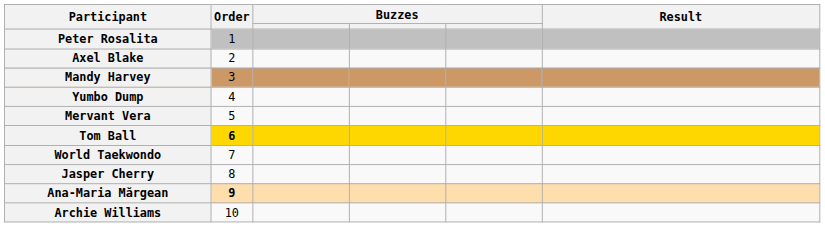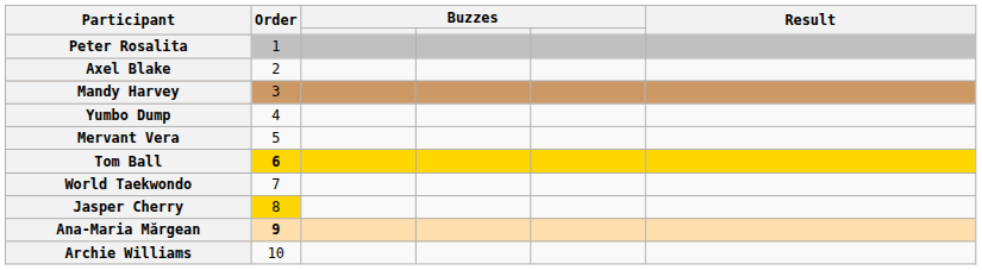 <table class="wikitable plainrowheaders sortable" style="text-align:center;">
 <tr>
 <th scope="col" rowspan="2" class="unsortable" style="width:17em;">Participant</th>
 <th scope="col" rowspan="2" style="width:1em;">Order</th>
 <th scope="col" colspan="3" class="unsortable" style="width:24em;">Buzzes</th>
 <th scope="col" rowspan="2" style="width:23em;">Result</th>
 </tr>
 <tr>
 <th scope="col" class="unsortable" style="width:6em;"></th>
 <th scope="col" class="unsortable" style="width:6em;"></th>
 <th scope="col" class="unsortable" style="width:6em;"></th>
 </tr>
 <tr bgcolor=silver>
 <th scope="row">Peter Rosalita</th>
 <td>1</td>
 <td style="text-align:center;"></td>
 <td style="text-align:center;"></td>
 <td style="text-align:center;"></td>
 <td></td>
 </tr>
 <tr>
 <th scope="row">Axel Blake</th>
 <td>2</td>
 <td style="text-align:center;"></td>
 <td style="text-align:center;"></td>
 <td style="text-align:center;"></td>
 <td></td>
 </tr>
 <tr bgcolor=#c96>
 <th scope="row">Mandy Harvey</th>
 <td>3</td>
 <td style="text-align:center;"></td>
 <td style="text-align:center;"></td>
 <td style="text-align:center;"></td>
 <td></td>
 </tr>
 <tr>
 <th scope="row">Yumbo Dump</th>
 <td>4</td>
 <td style="text-align:center;"></td>
 <td style="text-align:center;"></td>
 <td style="text-align:center;"></td>
 <td></td>
 </tr>
 <tr>
 <th scope="row">Mervant Vera</th>
 <td>5</td>
 <td style="text-align:center;"></td>
 <td style="text-align:center;"></td>
 <td style="text-align:center;"></td>
 <td></td>
 </tr>
 <tr bgcolor=gold>
 <th scope="row"><strong>Tom Ball</strong></th>
 <td><strong>6</strong></td>
 <td style="text-align:center;"></td>
 <td style="text-align:center;"></td>
 <td style="text-align:center;"></td>
 <td><strong></strong></td>
 </tr>
 <tr>
 <th scope="row">World Taekwondo</th>
 <td>7</td>
 <td style="text-align:center;"></td>
 <td style="text-align:center;"></td>
 <td style="text-align:center;"></td>
 <td></td>
 </tr>
 <tr>
 <th scope="row">Jasper Cherry</th>
-<td>8</td>
+<td style="background: gold;">8</td>
 <td style="text-align:center;"></td>
 <td style="text-align:center;"></td>
 <td style="text-align:center;"></td>
 <td></td>
 </tr>
 <tr bgcolor=NavajoWhite>
 <th scope="row"><strong>Ana-Maria Mărgean</strong></th>
 <td><strong>9</strong></td>
 <td style="text-align:center;"></td>
 <td style="text-align:center;"></td>
 <td style="text-align:center;"></td>
 <td><strong></strong></td>
 </tr>
 <tr>
 <th scope="row">Archie Williams</th>
 <td>10</td>
 <td style="text-align:center;"></td>
 <td style="text-align:center;"></td>
 <td style="text-align:center;"></td>
 <td></td>
 </tr>
 </table>
